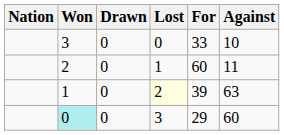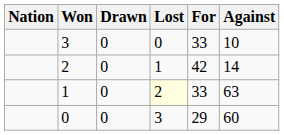 <table class="wikitable">
 <tr>
 <th>Nation</th>
 <th>Won</th>
 <th>Drawn</th>
 <th>Lost</th>
 <th>For</th>
 <th>Against</th>
 </tr>
 <tr>
 <td></td>
 <td>3</td>
 <td>0</td>
 <td>0</td>
 <td>33</td>
 <td>10</td>
 </tr>
 <tr>
 <td></td>
 <td>2</td>
 <td>0</td>
 <td>1</td>
-<td>60</td>
-<td>11</td>
+<td>42</td>
+<td>14</td>
 </tr>
 <tr>
 <td></td>
 <td>1</td>
 <td>0</td>
 <td style="background: lightyellow;">2</td>
-<td>39</td>
+<td>33</td>
 <td>63</td>
 </tr>
 <tr>
 <td></td>
-<td style="background: paleturquoise;">0</td>
+<td>0</td>
 <td>0</td>
 <td>3</td>
 <td>29</td>
 <td>60</td>
 </tr>
 </table>
